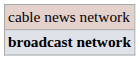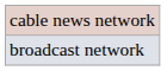 <table class="wikitable" style="font-size:95%;">
 <tr style="background:#e5d1cb;">
 <td>cable news network</td>
 </tr>
 <tr style="background:#dfe2e9;">
-<td><strong>broadcast network</strong></td>
+<td>broadcast network</td>
 </tr>
 </table>
